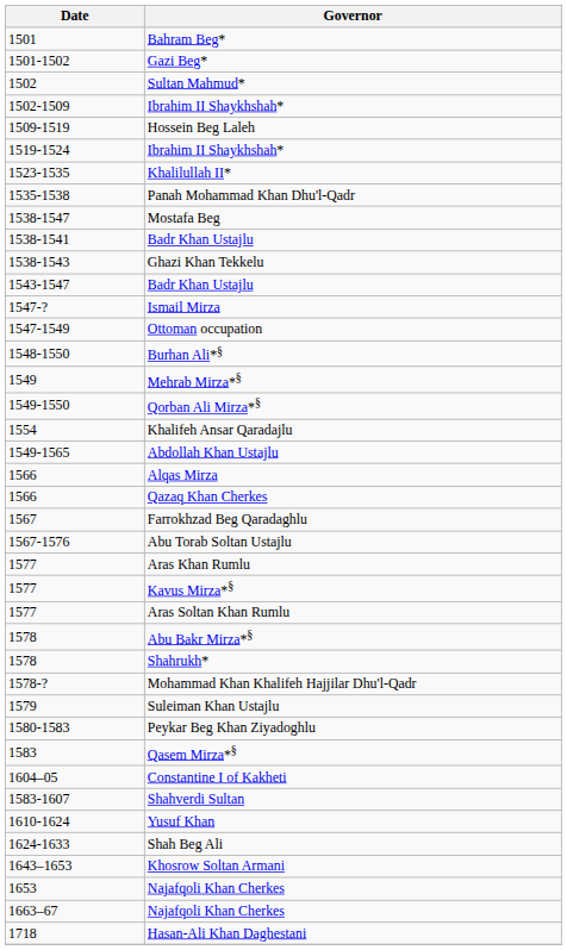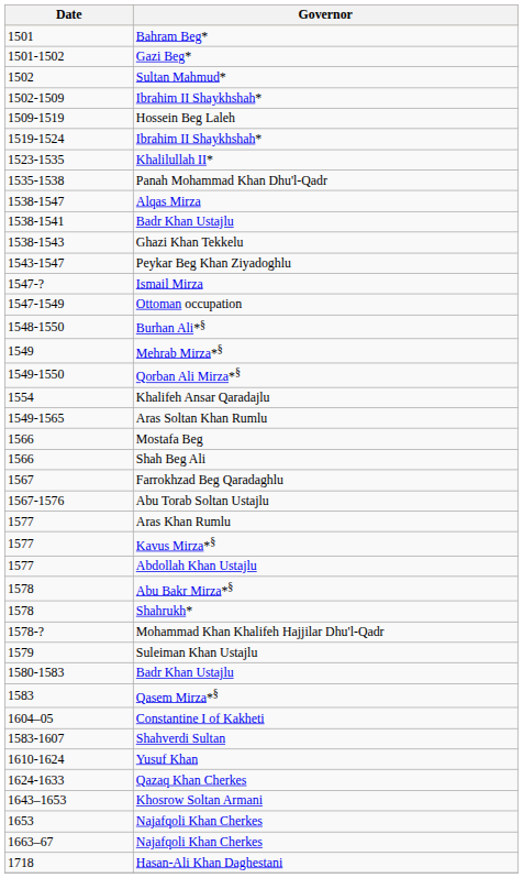 <table class="wikitable"  width="50%">
 <tr bgcolor="#FFDEAD">
 <th width="25%">Date</th>
 <th width="75%">Governor</th>
 </tr>
 <tr>
 <td>1501</td>
 <td><a href='#'>Bahram Beg</a>*</td>
 </tr>
 <tr>
 <td>1501-1502</td>
 <td><a href='#'>Gazi Beg</a>*</td>
 </tr>
 <tr>
 <td>1502</td>
 <td><a href='#'>Sultan Mahmud</a>*</td>
 </tr>
 <tr>
 <td>1502-1509</td>
 <td><a href='#'>Ibrahim II Shaykhshah</a>*</td>
 </tr>
 <tr>
 <td>1509-1519</td>
 <td>Hossein Beg Laleh</td>
 </tr>
 <tr>
 <td>1519-1524</td>
 <td><a href='#'>Ibrahim II Shaykhshah</a>*</td>
 </tr>
 <tr>
 <td>1523-1535</td>
 <td><a href='#'>Khalilullah II</a>*</td>
 </tr>
 <tr>
 <td>1535-1538</td>
 <td>Panah Mohammad Khan Dhu'l-Qadr</td>
 </tr>
 <tr>
 <td>1538-1547</td>
-<td>Mostafa Beg</td>
+<td><a href='#'>Alqas Mirza</a></td>
 </tr>
 <tr>
 <td>1538-1541</td>
 <td><a href='#'>Badr Khan Ustajlu</a></td>
 </tr>
 <tr>
 <td>1538-1543</td>
 <td>Ghazi Khan Tekkelu</td>
 </tr>
 <tr>
 <td>1543-1547</td>
-<td><a href='#'>Badr Khan Ustajlu</a></td>
+<td>Peykar Beg Khan Ziyadoghlu</td>
 </tr>
 <tr>
 <td>1547-?</td>
 <td><a href='#'>Ismail Mirza</a></td>
 </tr>
 <tr>
 <td>1547-1549</td>
 <td><a href='#'>Ottoman</a> occupation</td>
 </tr>
 <tr>
 <td>1548-1550</td>
 <td><a href='#'>Burhan Ali</a>*<sup>§</sup></td>
 </tr>
 <tr>
 <td>1549</td>
 <td><a href='#'>Mehrab Mirza</a>*<sup>§</sup></td>
 </tr>
 <tr>
 <td>1549-1550</td>
 <td><a href='#'>Qorban Ali Mirza</a>*<sup>§</sup></td>
 </tr>
 <tr>
 <td>1554</td>
 <td>Khalifeh Ansar Qaradajlu</td>
 </tr>
 <tr>
 <td>1549-1565</td>
-<td><a href='#'>Abdollah Khan Ustajlu</a></td>
+<td>Aras Soltan Khan Rumlu</td>
 </tr>
 <tr>
 <td>1566</td>
-<td><a href='#'>Alqas Mirza</a></td>
+<td>Mostafa Beg</td>
 </tr>
 <tr>
 <td>1566</td>
-<td><a href='#'>Qazaq Khan Cherkes</a></td>
+<td>Shah Beg Ali</td>
 </tr>
 <tr>
 <td>1567</td>
 <td>Farrokhzad Beg Qaradaghlu</td>
 </tr>
 <tr>
 <td>1567-1576</td>
 <td>Abu Torab Soltan Ustajlu</td>
 </tr>
 <tr>
 <td>1577</td>
 <td>Aras Khan Rumlu</td>
 </tr>
 <tr>
 <td>1577</td>
 <td><a href='#'>Kavus Mirza</a>*<sup>§</sup></td>
 </tr>
 <tr>
 <td>1577</td>
-<td>Aras Soltan Khan Rumlu</td>
+<td><a href='#'>Abdollah Khan Ustajlu</a></td>
 </tr>
 <tr>
 <td>1578</td>
 <td><a href='#'>Abu Bakr Mirza</a>*<sup>§</sup></td>
 </tr>
 <tr>
 <td>1578</td>
 <td><a href='#'>Shahrukh</a>*</td>
 </tr>
 <tr>
 <td>1578-?</td>
 <td>Mohammad Khan Khalifeh Hajjilar Dhu'l-Qadr</td>
 </tr>
 <tr>
 <td>1579</td>
 <td>Suleiman Khan Ustajlu</td>
 </tr>
 <tr>
 <td>1580-1583</td>
-<td>Peykar Beg Khan Ziyadoghlu</td>
+<td><a href='#'>Badr Khan Ustajlu</a></td>
 </tr>
 <tr>
 <td>1583</td>
 <td><a href='#'>Qasem Mirza</a>*<sup>§</sup></td>
 </tr>
 <tr>
 <td>1604–05</td>
 <td><a href='#'>Constantine I of Kakheti</a></td>
 </tr>
 <tr>
 <td>1583-1607</td>
 <td><a href='#'>Shahverdi Sultan</a></td>
 </tr>
 <tr>
 <td>1610-1624</td>
 <td><a href='#'>Yusuf Khan</a></td>
 </tr>
 <tr>
 <td>1624-1633</td>
-<td>Shah Beg Ali</td>
+<td><a href='#'>Qazaq Khan Cherkes</a></td>
 </tr>
 <tr>
 <td>1643–1653</td>
 <td><a href='#'>Khosrow Soltan Armani</a></td>
 </tr>
 <tr>
 <td>1653</td>
 <td><a href='#'>Najafqoli Khan Cherkes</a></td>
 </tr>
 <tr>
 <td>1663–67</td>
 <td><a href='#'>Najafqoli Khan Cherkes</a></td>
 </tr>
 <tr>
 <td>1718</td>
 <td><a href='#'>Hasan-Ali Khan Daghestani</a></td>
 </tr>
 <tr>
 </tr>
 </table>
